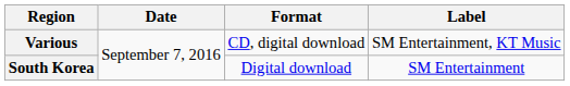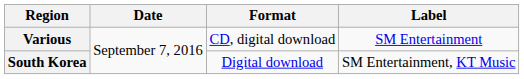 <table class="wikitable plainrowheaders" style="text-align:center">
 <tr>
 <th>Region</th>
 <th>Date</th>
 <th>Format</th>
 <th>Label</th>
 </tr>
 <tr>
 <th scope="row">Various</th>
 <td rowspan="2">September 7, 2016</td>
 <td><a href='#'>CD</a>, digital download</td>
-<td>SM Entertainment, <a href='#'>KT Music</a></td>
+<td><a href='#'>SM Entertainment</a></td>
 </tr>
 <tr>
 <th scope="row">South Korea</th>
 <td><a href='#'>Digital download</a></td>
-<td><a href='#'>SM Entertainment</a></td>
+<td>SM Entertainment, <a href='#'>KT Music</a></td>
 </tr>
 </table>
